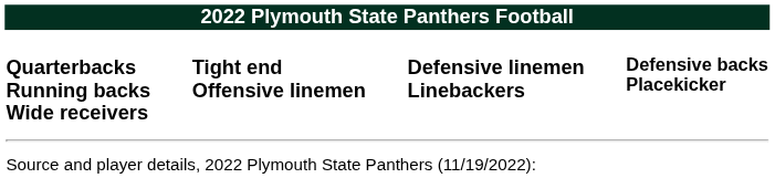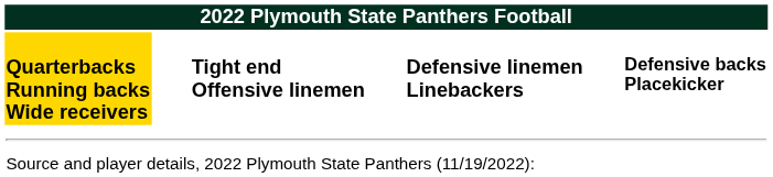 <table class="toccolours" style="text-align: left;">
 <tr>
 <td colspan=11 style="color:#FFFFFF;background:#023020; text-align: center"><strong>2022 Plymouth State Panthers Football</strong></td>
 </tr>
 <tr>
-<td valign="top"><br><strong>Quarterbacks</strong><br><strong>Running backs</strong><br><strong>Wide receivers</strong></td>
+<td valign="top" style="background: gold;"><br><strong>Quarterbacks</strong><br><strong>Running backs</strong><br><strong>Wide receivers</strong></td>
 <td width="25"> </td>
 <td valign="top"><br><strong>Tight end</strong><br><strong>Offensive linemen</strong></td>
 <td width="25"> </td>
 <td valign="top"><br><strong>Defensive linemen</strong><br><strong>Linebackers</strong></td>
 <td width="25"> </td>
 <td style="font-size:90%; vertical-align:top;"><br><strong>Defensive backs</strong><br><strong>Placekicker</strong></td>
 </tr>
 <tr>
 <td colspan="7"><hr><small>Source and player details, 2022 Plymouth State Panthers (11/19/2022):</small></td>
 </tr>
 </table>
